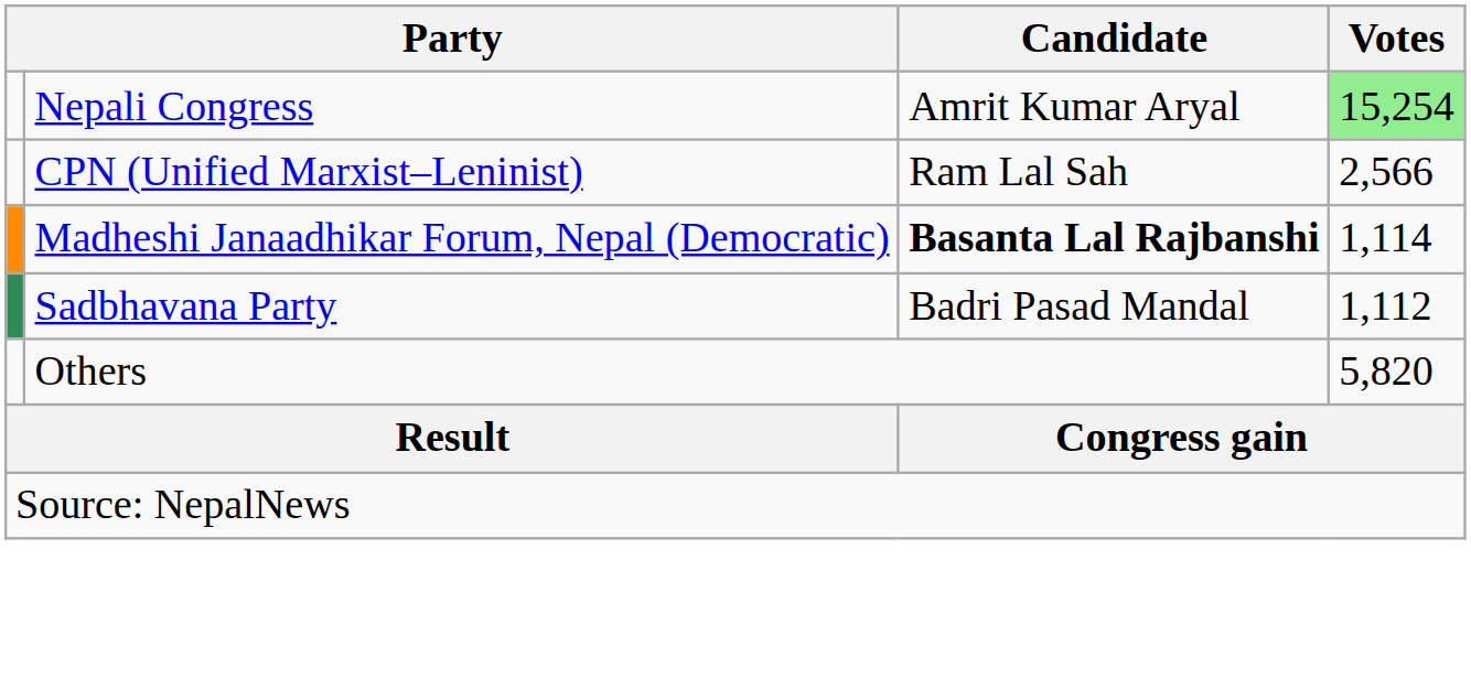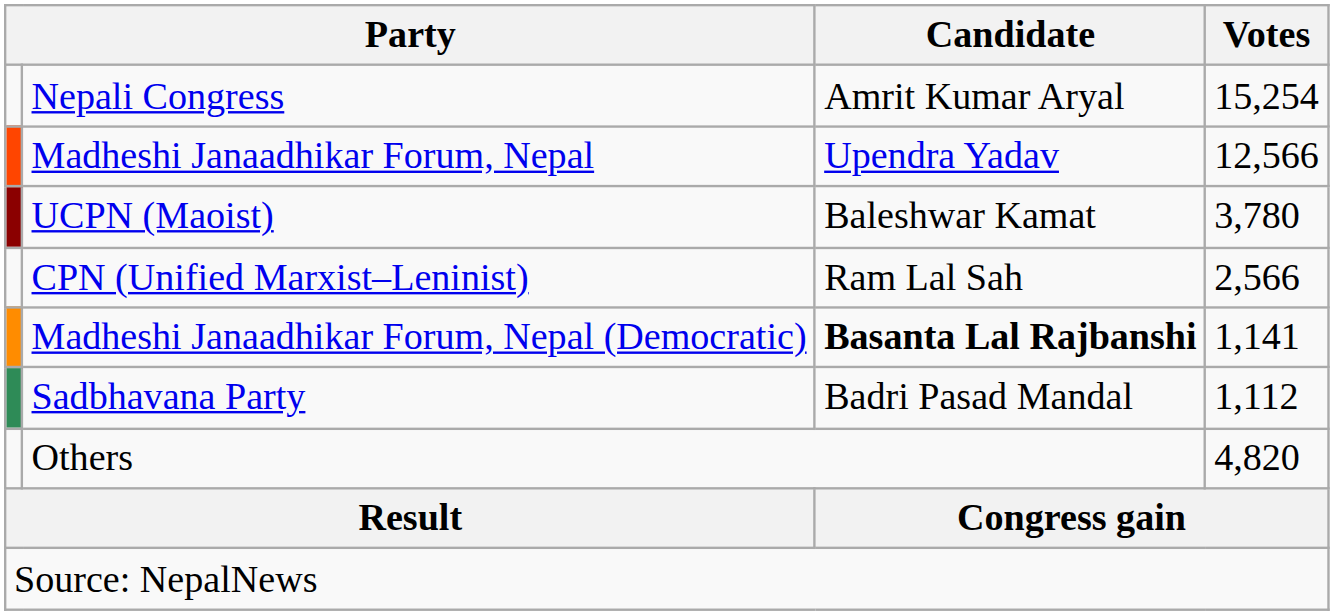 <table class="wikitable">
 <tr>
 <th colspan="2">Party</th>
 <th>Candidate</th>
 <th>Votes</th>
 </tr>
 <tr>
 <td style="background-color:"></td>
 <td><a href='#'>Nepali Congress</a></td>
 <td>Amrit Kumar Aryal</td>
-<td style="background: lightgreen;">15,254</td>
+<td>15,254</td>
+</tr>
+<tr>
+<td style="background-color:orangered"></td>
+<td><a href='#'>Madheshi Janaadhikar Forum, Nepal</a></td>
+<td><a href='#'>Upendra Yadav</a></td>
+<td>12,566</td>
+</tr>
+<tr>
+<td style="background-color:darkred"></td>
+<td><a href='#'>UCPN (Maoist)</a></td>
+<td>Baleshwar Kamat</td>
+<td>3,780</td>
 </tr>
 <tr>
 <td style="background-color:"></td>
 <td><a href='#'>CPN (Unified Marxist–Leninist)</a></td>
 <td>Ram Lal Sah</td>
 <td>2,566</td>
 </tr>
 <tr>
 <td style="background-color:darkorange"></td>
 <td><a href='#'>Madheshi Janaadhikar Forum, Nepal (Democratic)</a></td>
 <td><strong>Basanta Lal Rajbanshi</strong></td>
-<td>1,114</td>
+<td>1,141</td>
 </tr>
 <tr>
 <td style="background-color:seagreen"></td>
 <td><a href='#'>Sadbhavana Party</a></td>
 <td>Badri Pasad Mandal</td>
 <td>1,112</td>
 </tr>
 <tr>
 <td></td>
 <td colspan="2">Others</td>
-<td>5,820</td>
+<td>4,820</td>
 </tr>
 <tr>
 <th colspan="2">Result</th>
 <th colspan="2">Congress gain</th>
 </tr>
 <tr>
 <td colspan="4">Source: NepalNews</td>
 </tr>
 </table>
